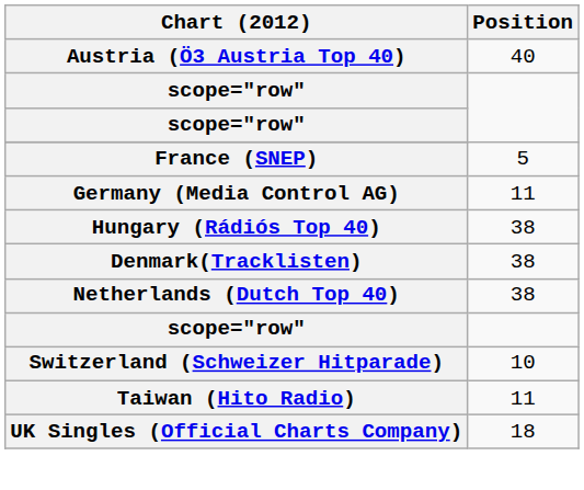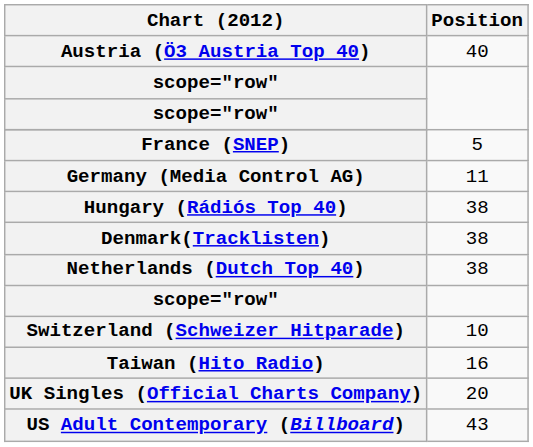 <table class="wikitable sortable plainrowheaders" style="text-align:center">
 <tr>
 <th>Chart (2012)</th>
 <th>Position</th>
 </tr>
 <tr>
 <th scope="row">Austria (<a href='#'>Ö3 Austria Top 40</a>)</th>
 <td style="text-align:center;">40</td>
 </tr>
 <tr>
 <th>scope="row" </th>
 </tr>
 <tr>
 <th>scope="row" </th>
 </tr>
 <tr>
 </tr>
 <tr>
 <th scope="row">France (<a href='#'>SNEP</a>)</th>
 <td style="text-align:center;">5</td>
 </tr>
 <tr>
 <th scope="row">Germany (Media Control AG)</th>
 <td style="text-align:center;">11</td>
 </tr>
 <tr>
 <th scope="row">Hungary (<a href='#'>Rádiós Top 40</a>)</th>
 <td>38</td>
 </tr>
 <tr>
 <th scope="row">Denmark(<a href='#'>Tracklisten</a>)</th>
 <td style="text-align:center;">38</td>
 </tr>
 <tr>
 <th scope="row">Netherlands (<a href='#'>Dutch Top 40</a>)</th>
 <td style="text-align:center;">38</td>
 </tr>
 <tr>
 <th>scope="row" </th>
 </tr>
 <tr>
 <th scope="row">Switzerland (<a href='#'>Schweizer Hitparade</a>)</th>
 <td style="text-align:center;">10</td>
 </tr>
 <tr>
 <th scope="row">Taiwan (<a href='#'>Hito Radio</a>)</th>
-<td style="text-align:center;">11</td>
+<td style="text-align:center;">16</td>
 </tr>
 <tr>
 <th scope="row">UK Singles (<a href='#'>Official Charts Company</a>)</th>
-<td style="text-align:center;">18</td>
+<td style="text-align:center;">20</td>
+</tr>
+<tr>
+<th scope="row">US <a href='#'>Adult Contemporary</a> (<a href='#'><em>Billboard</em></a>)</th>
+<td style="text-align:center;">43</td>
 </tr>
 </table>
